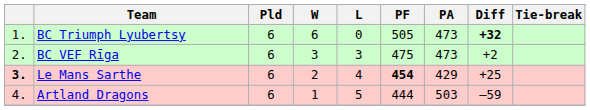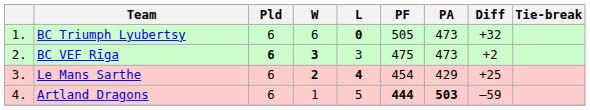 <table class="wikitable" style="text-align:center">
 <tr>
 <th width=25></th>
 <th width=220>Team</th>
 <th width=40>Pld</th>
 <th width=40>W</th>
 <th width=40>L</th>
 <th width=40>PF</th>
 <th width=40>PA</th>
 <th width=40>Diff</th>
 <th>Tie-break</th>
 </tr>
 <tr style="background:#ccffcc;">
 <td>1.</td>
 <td align=left> <a href='#'>BC Triumph Lyubertsy</a></td>
 <td>6</td>
 <td>6</td>
-<td>0</td>
+<td><strong>0</strong></td>
 <td>505</td>
 <td>473</td>
-<td><strong>+32</strong></td>
+<td>+32</td>
 <td></td>
 </tr>
 <tr style="background:#ccffcc;">
 <td>2.</td>
 <td align=left> <a href='#'>BC VEF Rīga</a></td>
-<td>6</td>
-<td>3</td>
+<td><strong>6</strong></td>
+<td><strong>3</strong></td>
 <td>3</td>
 <td>475</td>
 <td>473</td>
 <td>+2</td>
 <td></td>
 </tr>
 <tr style="background:#ffcccc;">
-<td><strong>3.</strong></td>
+<td>3.</td>
 <td align=left> <a href='#'>Le Mans Sarthe</a></td>
 <td>6</td>
-<td>2</td>
-<td>4</td>
-<td><strong>454</strong></td>
+<td><strong>2</strong></td>
+<td><strong>4</strong></td>
+<td>454</td>
 <td>429</td>
 <td>+25</td>
 <td></td>
 </tr>
 <tr style="background:#ffcccc;">
 <td>4.</td>
 <td align=left> <a href='#'>Artland Dragons</a></td>
 <td>6</td>
 <td>1</td>
 <td>5</td>
-<td>444</td>
-<td>503</td>
+<td><strong>444</strong></td>
+<td><strong>503</strong></td>
 <td>–59</td>
 <td></td>
 </tr>
 <tr>
 </tr>
 </table>
